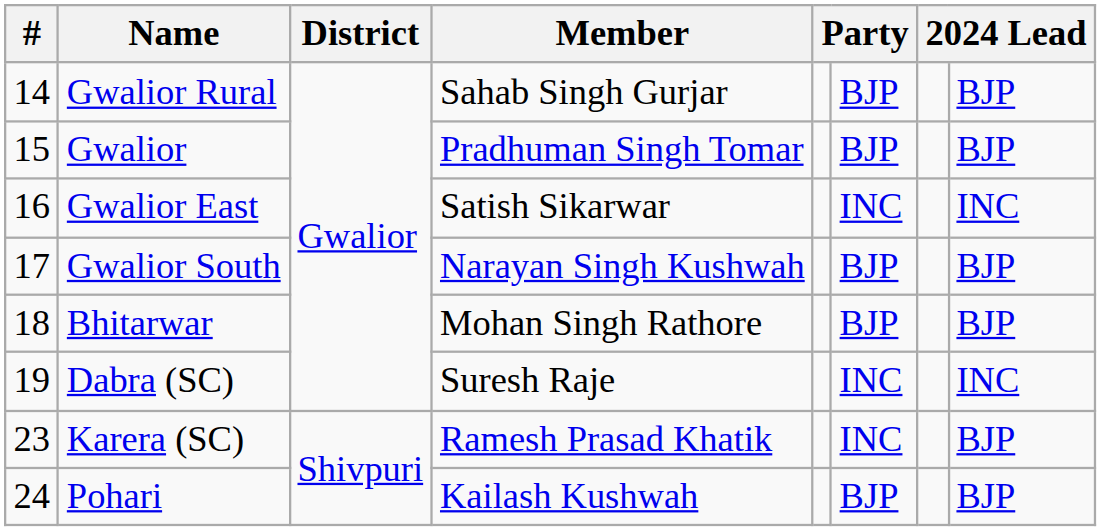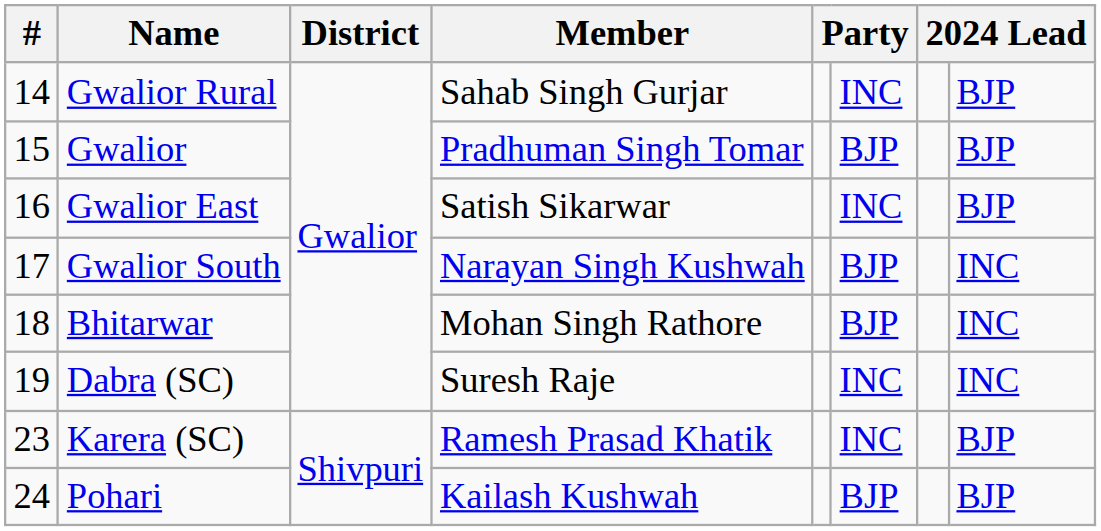 <table class="wikitable">
 <tr>
 <th>#</th>
 <th>Name</th>
 <th>District</th>
 <th>Member</th>
 <th colspan="2">Party</th>
 <th colspan="2">2024 Lead</th>
 </tr>
 <tr>
 <td>14</td>
 <td><a href='#'>Gwalior Rural</a></td>
 <td rowspan="6"><a href='#'>Gwalior</a></td>
 <td>Sahab Singh Gurjar</td>
 <td style="background-color: "></td>
-<td><a href='#'>BJP</a></td>
+<td><a href='#'>INC</a></td>
 <td style="background-color: "></td>
 <td><a href='#'>BJP</a></td>
 </tr>
 <tr>
 <td>15</td>
 <td><a href='#'>Gwalior</a></td>
 <td><a href='#'>Pradhuman Singh Tomar</a></td>
 <td style="background-color: "></td>
 <td><a href='#'>BJP</a></td>
 <td style="background-color: "></td>
 <td><a href='#'>BJP</a></td>
 </tr>
 <tr>
 <td>16</td>
 <td><a href='#'>Gwalior East</a></td>
 <td>Satish Sikarwar</td>
 <td style="background-color: "></td>
 <td><a href='#'>INC</a></td>
 <td style="background-color: "></td>
-<td><a href='#'>INC</a></td>
+<td><a href='#'>BJP</a></td>
 </tr>
 <tr>
 <td>17</td>
 <td><a href='#'>Gwalior South</a></td>
 <td><a href='#'>Narayan Singh Kushwah</a></td>
 <td style="background-color: "></td>
 <td><a href='#'>BJP</a></td>
 <td style="background-color: "></td>
-<td><a href='#'>BJP</a></td>
+<td><a href='#'>INC</a></td>
 </tr>
 <tr>
 <td>18</td>
 <td><a href='#'>Bhitarwar</a></td>
 <td>Mohan Singh Rathore</td>
 <td style="background-color: "></td>
 <td><a href='#'>BJP</a></td>
 <td style="background-color: "></td>
-<td><a href='#'>BJP</a></td>
+<td><a href='#'>INC</a></td>
 </tr>
 <tr>
 <td>19</td>
 <td><a href='#'>Dabra</a> (SC)</td>
 <td>Suresh Raje</td>
 <td style="background-color: "></td>
 <td><a href='#'>INC</a></td>
 <td style="background-color: "></td>
 <td><a href='#'>INC</a></td>
 </tr>
 <tr>
 <td>23</td>
 <td><a href='#'>Karera</a> (SC)</td>
 <td rowspan="2"><a href='#'>Shivpuri</a></td>
 <td><a href='#'>Ramesh Prasad Khatik</a></td>
 <td style="background-color: "></td>
 <td><a href='#'>INC</a></td>
 <td style="background-color: "></td>
 <td><a href='#'>BJP</a></td>
 </tr>
 <tr>
 <td>24</td>
 <td><a href='#'>Pohari</a></td>
 <td><a href='#'>Kailash Kushwah</a></td>
 <td style="background-color: "></td>
 <td><a href='#'>BJP</a></td>
 <td style="background-color: "></td>
 <td><a href='#'>BJP</a></td>
 </tr>
 </table>
